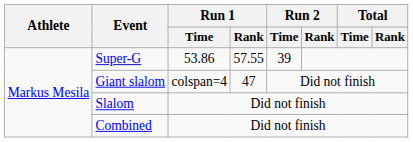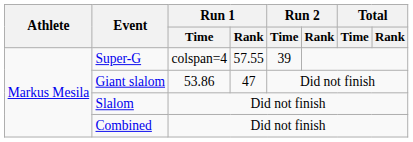 <table class="wikitable" style="font-size:90%">
 <tr>
 <th rowspan=2>Athlete</th>
 <th rowspan=2>Event</th>
 <th colspan=2>Run 1</th>
 <th colspan=2>Run 2</th>
 <th colspan=2>Total</th>
 </tr>
 <tr style="font-size:95%">
 <th>Time</th>
 <th>Rank</th>
 <th>Time</th>
 <th>Rank</th>
 <th>Time</th>
 <th>Rank</th>
 </tr>
 <tr align=center>
 <td align="left" rowspan="4"><a href='#'>Markus Mesila</a></td>
 <td align="left"><a href='#'>Super-G</a></td>
-<td>53.86</td>
+<td>colspan=4</td>
 <td>57.55</td>
 <td>39</td>
 </tr>
 <tr align=center>
 <td align="left"><a href='#'>Giant slalom</a></td>
-<td>colspan=4</td>
+<td>53.86</td>
 <td>47</td>
 <td colspan=4>Did not finish</td>
 </tr>
 <tr align=center>
 <td align="left"><a href='#'>Slalom</a></td>
 <td colspan=6>Did not finish</td>
 </tr>
 <tr align=center>
 <td align="left"><a href='#'>Combined</a></td>
 <td colspan=6>Did not finish</td>
 </tr>
 </table>
